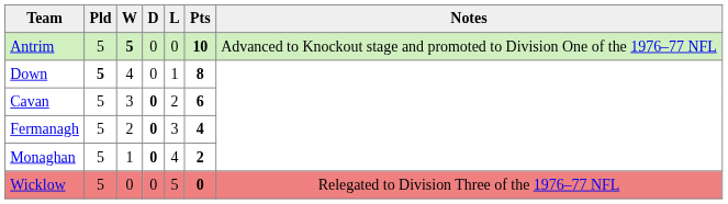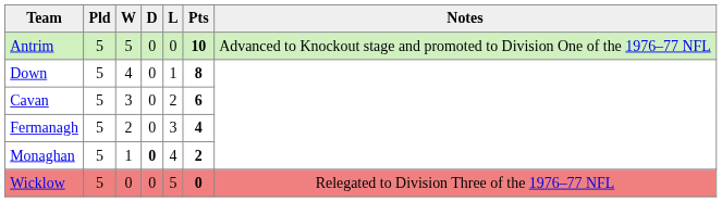 <table style=border-collapse:collapse border=1 cellspacing=0 cellpadding=5>
 <tr align=center bgcolor=#efefef>
 <th>Team</th>
 <th>Pld</th>
 <th>W</th>
 <th>D</th>
 <th>L</th>
 <th>Pts</th>
 <th>Notes</th>
 </tr>
 <tr align=center style="background:#D0F0C0;">
 <td style="text-align:left;"><a href='#'>Antrim</a></td>
 <td>5</td>
-<td><strong>5</strong></td>
+<td>5</td>
 <td>0</td>
 <td>0</td>
 <td><strong>10</strong></td>
 <td rowspan=1>Advanced to Knockout stage and promoted to Division One of the <a href='#'>1976–77 NFL</a></td>
 </tr>
 <tr align=center style="background:#FFFFFF;">
 <td style="text-align:left;"><a href='#'>Down</a></td>
-<td><strong>5</strong></td>
+<td>5</td>
 <td>4</td>
 <td>0</td>
 <td>1</td>
 <td><strong>8</strong></td>
 <td rowspan=4></td>
 </tr>
 <tr align=center style="background:#FFFFFF;">
 <td style="text-align:left;"><a href='#'>Cavan</a></td>
 <td>5</td>
 <td>3</td>
-<td><strong>0</strong></td>
+<td>0</td>
 <td>2</td>
 <td><strong>6</strong></td>
 </tr>
 <tr align=center style="background:#FFFFFF;">
 <td style="text-align:left;"><a href='#'>Fermanagh</a></td>
 <td>5</td>
 <td>2</td>
-<td><strong>0</strong></td>
+<td>0</td>
 <td>3</td>
 <td><strong>4</strong></td>
 </tr>
 <tr align=center style="background:#FFFFFF;">
 <td style="text-align:left;"><a href='#'>Monaghan</a></td>
 <td>5</td>
 <td>1</td>
 <td><strong>0</strong></td>
 <td>4</td>
 <td><strong>2</strong></td>
 </tr>
 <tr align=center style="background:#F08080">
 <td style="text-align:left;"><a href='#'>Wicklow</a></td>
 <td>5</td>
 <td>0</td>
 <td>0</td>
 <td>5</td>
 <td><strong>0</strong></td>
 <td rowspan=1>Relegated to Division Three of the <a href='#'>1976–77 NFL</a></td>
 </tr>
 </table>
